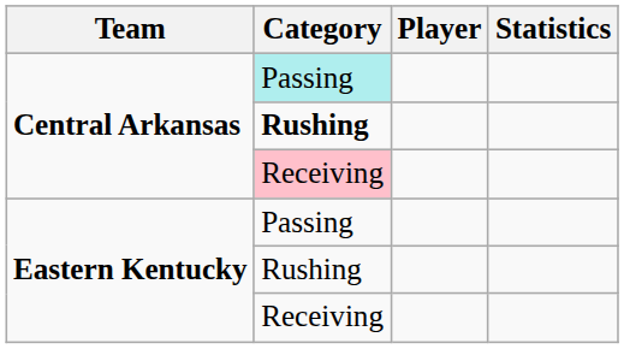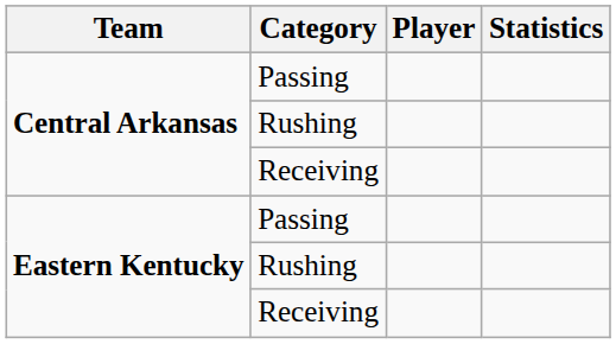 <table class="wikitable" style="float: right;">
 <tr>
 <th>Team</th>
 <th>Category</th>
 <th>Player</th>
 <th>Statistics</th>
 </tr>
 <tr>
 <td rowspan=3><strong>Central Arkansas</strong></td>
-<td style="background: paleturquoise;">Passing</td>
+<td>Passing</td>
 <td></td>
 <td></td>
 </tr>
 <tr>
-<td><strong>Rushing</strong></td>
+<td>Rushing</td>
 <td></td>
 <td></td>
 </tr>
 <tr>
-<td style="background: pink;">Receiving</td>
+<td>Receiving</td>
 <td></td>
 <td></td>
 </tr>
 <tr>
 <td rowspan=3><strong>Eastern Kentucky</strong></td>
 <td>Passing</td>
 <td></td>
 <td></td>
 </tr>
 <tr>
 <td>Rushing</td>
 <td></td>
 <td></td>
 </tr>
 <tr>
 <td>Receiving</td>
 <td></td>
 <td></td>
 </tr>
 </table>
